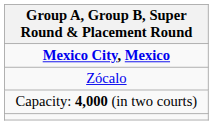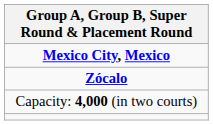 <table class="wikitable" style="text-align:center" width=225>
 <tr>
 <th>Group A, Group B, Super Round & Placement Round</th>
 </tr>
 <tr>
 <td> <strong><a href='#'>Mexico City</a>, <a href='#'>Mexico</a></strong></td>
 </tr>
 <tr>
-<td><a href='#'>Zócalo</a></td>
+<td><strong><a href='#'>Zócalo</a></strong></td>
 </tr>
 <tr>
 <td>Capacity: <strong>4,000</strong> (in two courts)</td>
 </tr>
 <tr>
 <td></td>
 </tr>
 </table>
